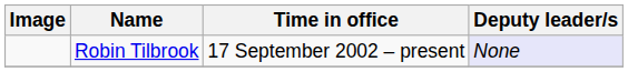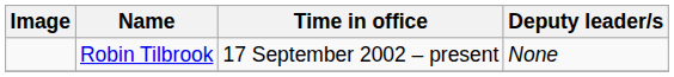 <table class="wikitable">
 <tr>
 <th>Image</th>
 <th>Name</th>
 <th>Time in office</th>
 <th>Deputy leader/s</th>
 </tr>
 <tr>
 <td></td>
 <td><a href='#'>Robin Tilbrook</a></td>
 <td>17 September 2002 – present</td>
-<td style="background: lavender;"><em>None</em></td>
+<td><em>None</em></td>
 </tr>
 <tr>
 </tr>
 </table>
